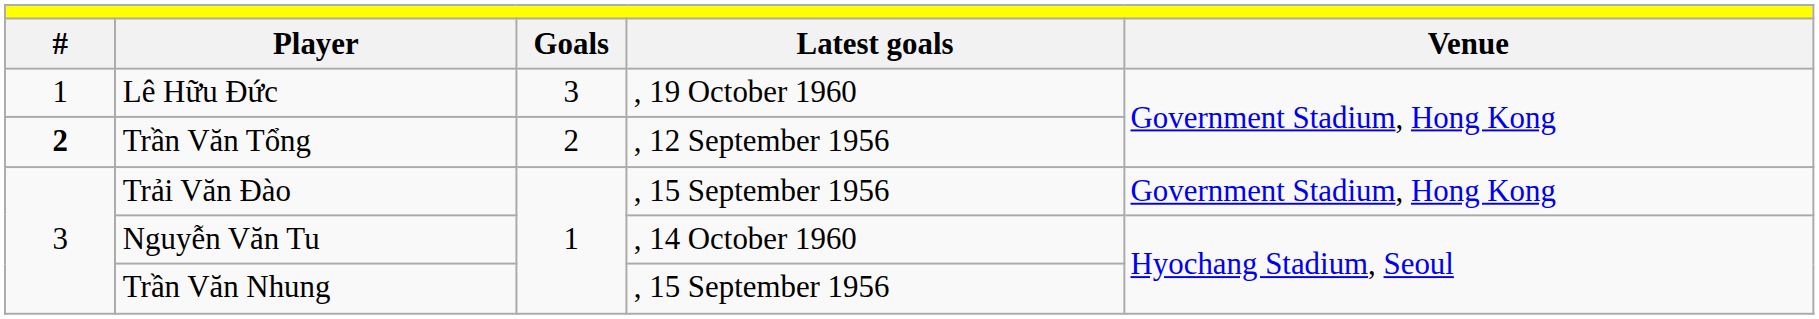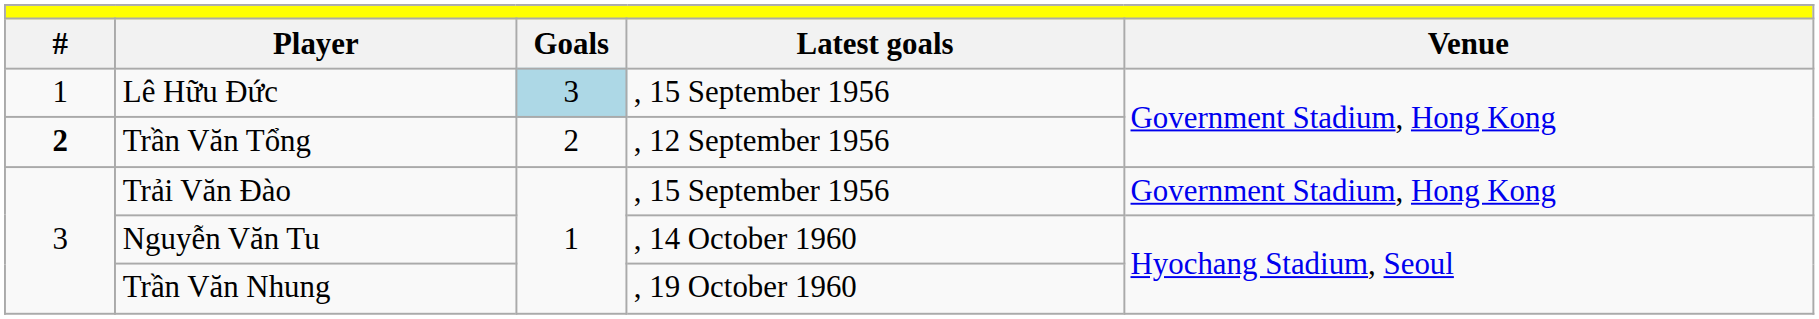 <table class="wikitable sortable" style="text-align:center">
 <tr>
 <th colspan="9" style="background: #FFFF00; color: #DB2017;"><a href='#'></a></th>
 </tr>
 <tr>
 <th width=50>#</th>
 <th width=200>Player</th>
 <th width="50">Goals</th>
 <th width=250>Latest goals</th>
 <th width=350>Venue</th>
 </tr>
 <tr>
 <td>1</td>
 <td align="left"> Lê Hữu Đức</td>
-<td>3</td>
-<td align="left">, 19 October 1960</td>
+<td style="background: lightblue;">3</td>
+<td align="left">, 15 September 1956</td>
 <td rowspan="2"  align="left"> <a href='#'>Government Stadium</a>, <a href='#'>Hong Kong</a></td>
 </tr>
 <tr>
 <td><strong>2</strong></td>
 <td align="left"> Trần Văn Tổng</td>
 <td>2</td>
 <td align="left">, 12 September 1956</td>
 </tr>
 <tr>
 <td rowspan="3">3</td>
 <td align="left"> Trải Văn Đào</td>
 <td rowspan="3">1</td>
 <td align="left">, 15 September 1956</td>
 <td align="left"> <a href='#'>Government Stadium</a>, <a href='#'>Hong Kong</a></td>
 </tr>
 <tr>
 <td align="left"> Nguyễn Văn Tu</td>
 <td align="left">, 14 October 1960</td>
 <td rowspan="2" align="left"> <a href='#'>Hyochang Stadium</a>, <a href='#'>Seoul</a></td>
 </tr>
 <tr>
 <td align="left"> Trần Văn Nhung</td>
-<td align="left">, 15 September 1956</td>
+<td align="left">, 19 October 1960</td>
 </tr>
 </table>
